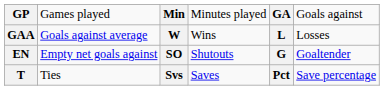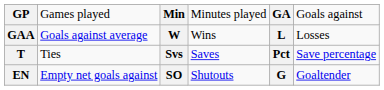 <table class="wikitable" style="font-size:90%;">
 <tr>
 <th>GP</th>
 <td>Games played</td>
 <th>Min</th>
 <td>Minutes played</td>
 <th>GA</th>
 <td>Goals against</td>
 </tr>
 <tr>
 <th>GAA</th>
 <td><a href='#'>Goals against average</a></td>
 <th>W</th>
 <td>Wins</td>
 <th>L</th>
 <td>Losses</td>
 </tr>
 <tr>
+<th>T</th>
+<td>Ties</td>
+<th>Svs</th>
+<td><a href='#'>Saves</a></td>
+<th>Pct</th>
+<td><a href='#'>Save percentage</a></td>
+</tr>
+<tr>
 <th>EN</th>
 <td><a href='#'>Empty net goals against</a></td>
 <th>SO</th>
 <td><a href='#'>Shutouts</a></td>
 <th>G</th>
 <td><a href='#'>Goaltender</a></td>
 </tr>
-<tr>
-<th>T</th>
-<td>Ties</td>
-<th>Svs</th>
-<td><a href='#'>Saves</a></td>
-<th>Pct</th>
-<td><a href='#'>Save percentage</a></td>
-</tr>
 </table>
